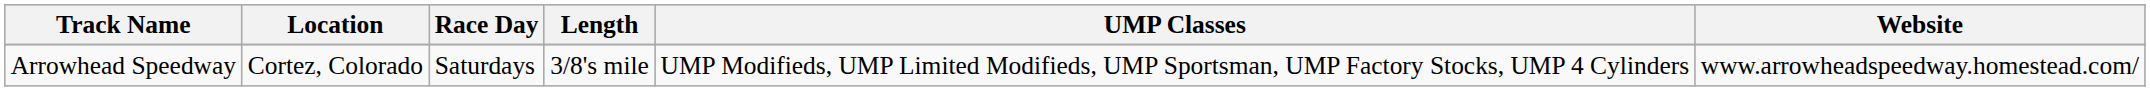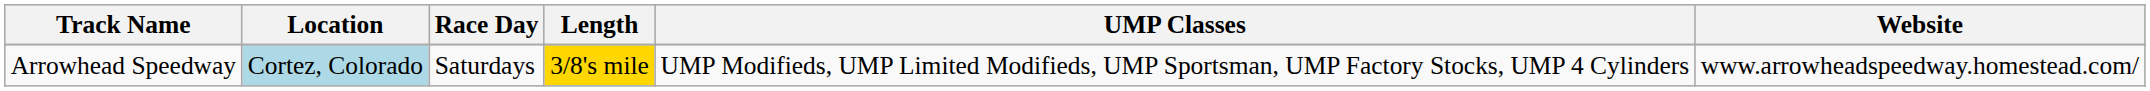 <table Class="wikitable">
 <tr Align="center">
 <th>Track Name</th>
 <th>Location</th>
 <th>Race Day</th>
 <th>Length</th>
 <th>UMP Classes</th>
 <th>Website</th>
 </tr>
 <tr>
 </tr>
 <tr>
 <td>Arrowhead Speedway</td>
-<td>Cortez, Colorado</td>
+<td style="background: lightblue;">Cortez, Colorado</td>
 <td>Saturdays</td>
-<td>3/8's mile</td>
+<td style="background: gold;">3/8's mile</td>
 <td>UMP Modifieds, UMP Limited Modifieds, UMP Sportsman, UMP Factory Stocks, UMP 4 Cylinders</td>
 <td>www.arrowheadspeedway.homestead.com/</td>
 </tr>
 </table>
